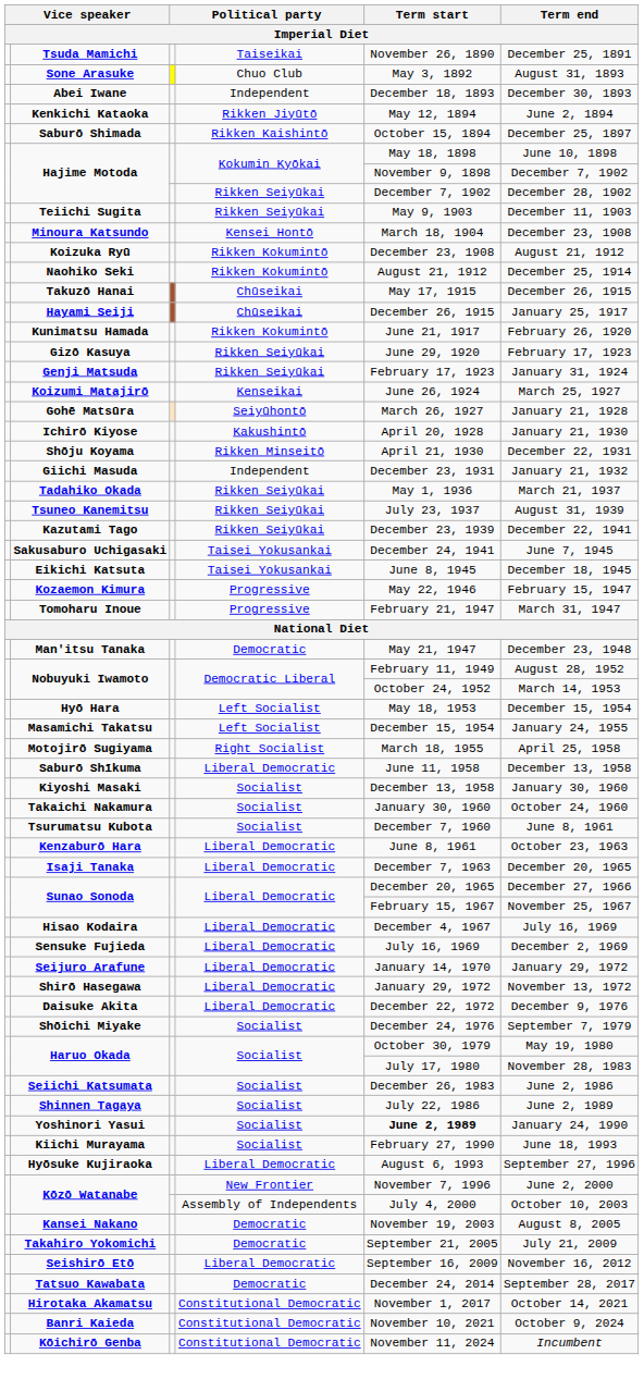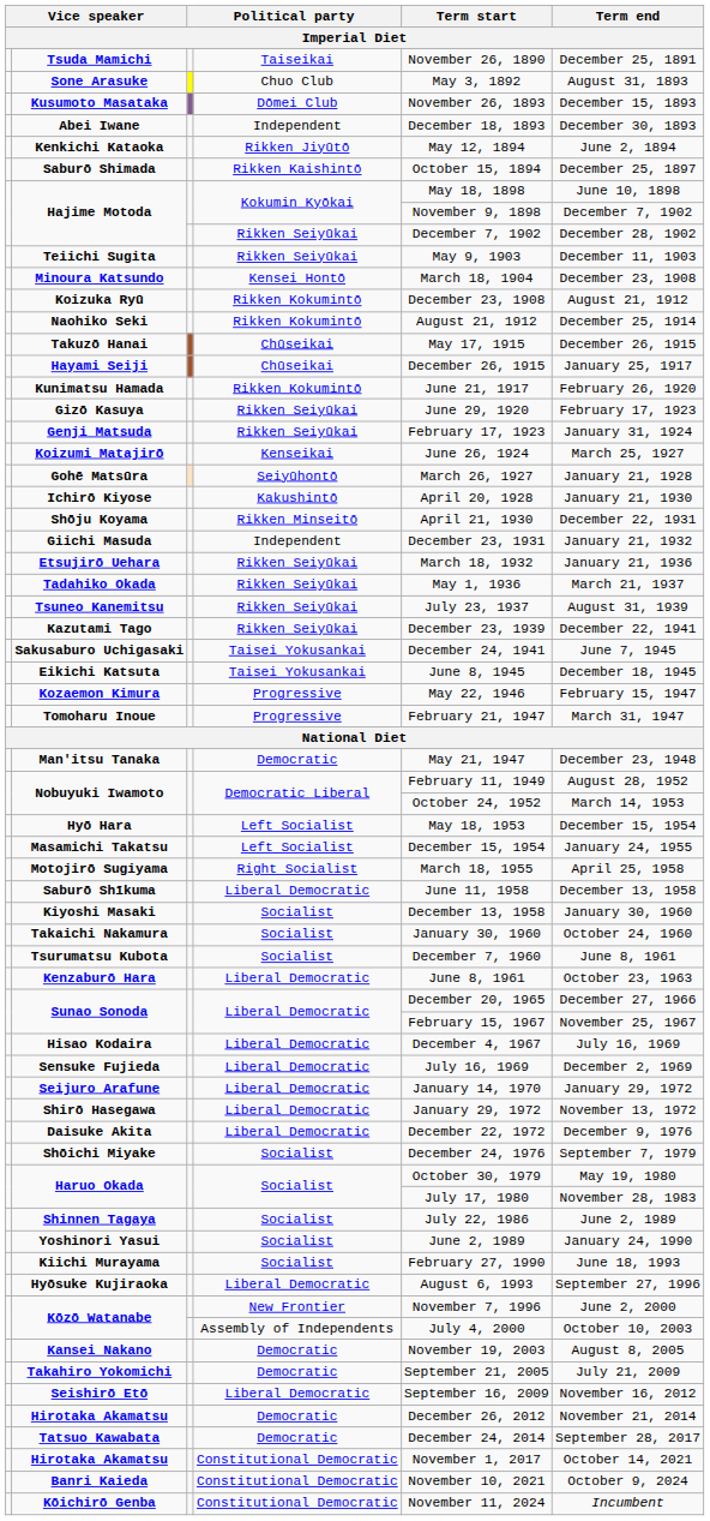 <table class="wikitable" style="text-align:center; border:1px #AAAAFF solid">
 <tr>
 <th colspan="2" align="center" width="0">Vice speaker</th>
 <th colspan="2" align="center" width="0">Political party</th>
 <th align="center" width="0">Term start</th>
 <th>Term end</th>
 </tr>
 <tr>
 <th colspan="6">Imperial Diet<br></th>
 </tr>
 <tr>
 <td></td>
 <td><strong><a href='#'>Tsuda Mamichi</a></strong><br></td>
 <td style="background:"></td>
 <td><a href='#'>Taiseikai</a></td>
 <td>November 26, 1890</td>
 <td>December 25, 1891</td>
 </tr>
 <tr>
 <td></td>
 <td><strong><a href='#'>Sone Arasuke</a></strong><br></td>
 <td style="background:#FFFF00;"></td>
 <td>Chuo Club</td>
 <td>May 3, 1892</td>
 <td>August 31, 1893</td>
+</tr>
+<tr>
+<td></td>
+<td><strong><a href='#'>Kusumoto Masataka</a></strong><br></td>
+<td style="background:#825C8C;"></td>
+<td><a href='#'>Dōmei Club</a></td>
+<td>November 26, 1893</td>
+<td>December 15, 1893</td>
 </tr>
 <tr>
 <td></td>
 <td><strong>Abei Iwane</strong><br></td>
 <td style="background:"></td>
 <td>Independent</td>
 <td>December 18, 1893</td>
 <td>December 30, 1893</td>
 </tr>
 <tr>
 <td></td>
 <td><strong>Kenkichi Kataoka</strong><br></td>
 <td style="background:"></td>
 <td><a href='#'>Rikken Jiyūtō</a></td>
 <td>May 12, 1894</td>
 <td>June 2, 1894</td>
 </tr>
 <tr>
 <td></td>
 <td><strong>Saburō Shimada</strong><br></td>
 <td style="background:"></td>
 <td><a href='#'>Rikken Kaishintō</a></td>
 <td>October 15, 1894</td>
 <td>December 25, 1897</td>
 </tr>
 <tr>
 <td rowspan="3"></td>
 <td rowspan="3"><strong>Hajime Motoda</strong><br></td>
 <td rowspan="2" style="background:"></td>
 <td rowspan="2"><a href='#'>Kokumin Kyōkai</a></td>
 <td>May 18, 1898</td>
 <td>June 10, 1898</td>
 </tr>
 <tr>
 <td>November 9, 1898</td>
 <td>December 7, 1902</td>
 </tr>
 <tr>
 <td style="background:"></td>
 <td><a href='#'>Rikken Seiyūkai</a></td>
 <td>December 7, 1902</td>
 <td>December 28, 1902</td>
 </tr>
 <tr>
 <td></td>
 <td><strong>Teiichi Sugita</strong><br></td>
 <td style="background:"></td>
 <td><a href='#'>Rikken Seiyūkai</a></td>
 <td>May 9, 1903</td>
 <td>December 11, 1903</td>
 </tr>
 <tr>
 <td></td>
 <td><strong><a href='#'>Minoura Katsundo</a></strong><br></td>
 <td style="background:"></td>
 <td><a href='#'>Kensei Hontō</a></td>
 <td>March 18, 1904</td>
 <td>December 23, 1908</td>
 </tr>
 <tr>
 <td></td>
 <td><strong>Koizuka Ryū</strong><br></td>
 <td style="background:"></td>
 <td><a href='#'>Rikken Kokumintō</a></td>
 <td>December 23, 1908</td>
 <td>August 21, 1912</td>
 </tr>
 <tr>
 <td></td>
 <td><strong>Naohiko Seki</strong><br></td>
 <td style="background:"></td>
 <td><a href='#'>Rikken Kokumintō</a></td>
 <td>August 21, 1912</td>
 <td>December 25, 1914</td>
 </tr>
 <tr>
 <td></td>
 <td><strong>Takuzō Hanai</strong><br></td>
 <td style="background:#A0522D;"></td>
 <td><a href='#'>Chūseikai</a></td>
 <td>May 17, 1915</td>
 <td>December 26, 1915</td>
 </tr>
 <tr>
 <td></td>
 <td><strong><a href='#'>Hayami Seiji</a></strong><br></td>
 <td style="background:#A0522D;"></td>
 <td><a href='#'>Chūseikai</a></td>
 <td>December 26, 1915</td>
 <td>January 25, 1917</td>
 </tr>
 <tr>
 <td></td>
 <td><strong>Kunimatsu Hamada</strong><br></td>
 <td style="background:"></td>
 <td><a href='#'>Rikken Kokumintō</a></td>
 <td>June 21, 1917</td>
 <td>February 26, 1920</td>
 </tr>
 <tr>
 <td></td>
 <td><strong>Gizō Kasuya</strong><br></td>
 <td style="background:"></td>
 <td><a href='#'>Rikken Seiyūkai</a></td>
 <td>June 29, 1920</td>
 <td>February 17, 1923</td>
 </tr>
 <tr>
 <td></td>
 <td><strong><a href='#'>Genji Matsuda</a></strong><br></td>
 <td style="background:"></td>
 <td><a href='#'>Rikken Seiyūkai</a></td>
 <td>February 17, 1923</td>
 <td>January 31, 1924</td>
 </tr>
 <tr>
 <td></td>
 <td><strong><a href='#'>Koizumi Matajirō</a></strong><br></td>
 <td style="background:"></td>
 <td><a href='#'>Kenseikai</a></td>
 <td>June 26, 1924</td>
 <td>March 25, 1927</td>
 </tr>
 <tr>
 <td></td>
 <td><strong>Gohē Matsūra</strong><br></td>
 <td style="background:#FFE4C4;"></td>
 <td><a href='#'>Seiyūhontō</a></td>
 <td>March 26, 1927</td>
 <td>January 21, 1928</td>
 </tr>
 <tr>
 <td></td>
 <td><strong>Ichirō Kiyose</strong><br></td>
 <td style="background:"></td>
 <td><a href='#'>Kakushintō</a></td>
 <td>April 20, 1928</td>
 <td>January 21, 1930</td>
 </tr>
 <tr>
 <td></td>
 <td><strong>Shōju Koyama</strong><br></td>
 <td style="background:"></td>
 <td><a href='#'>Rikken Minseitō</a></td>
 <td>April 21, 1930</td>
 <td>December 22, 1931</td>
 </tr>
 <tr>
 <td></td>
 <td><strong>Giichi Masuda</strong><br></td>
 <td style="background:"></td>
 <td>Independent</td>
 <td>December 23, 1931</td>
 <td>January 21, 1932</td>
 </tr>
 <tr>
 <td></td>
+<td><strong><a href='#'>Etsujirō Uehara</a></strong><br></td>
+<td style="background:"></td>
+<td><a href='#'>Rikken Seiyūkai</a></td>
+<td>March 18, 1932</td>
+<td>January 21, 1936</td>
+</tr>
+<tr>
+<td></td>
 <td><strong><a href='#'>Tadahiko Okada</a></strong><br></td>
 <td style="background:"></td>
 <td><a href='#'>Rikken Seiyūkai</a></td>
 <td>May 1, 1936</td>
 <td>March 21, 1937</td>
 </tr>
 <tr>
 <td></td>
 <td><strong><a href='#'>Tsuneo Kanemitsu</a></strong><br></td>
 <td style="background:"></td>
 <td><a href='#'>Rikken Seiyūkai</a></td>
 <td>July 23, 1937</td>
 <td>August 31, 1939</td>
 </tr>
 <tr>
 <td></td>
 <td><strong>Kazutami Tago</strong><br></td>
 <td style="background:"></td>
 <td><a href='#'>Rikken Seiyūkai</a></td>
 <td>December 23, 1939</td>
 <td>December 22, 1941</td>
 </tr>
 <tr>
 <td></td>
 <td><strong>Sakusaburo Uchigasaki</strong><br></td>
 <td style="background:"></td>
 <td><a href='#'>Taisei Yokusankai</a></td>
 <td>December 24, 1941</td>
 <td>June 7, 1945</td>
 </tr>
 <tr>
 <td></td>
 <td><strong>Eikichi Katsuta</strong><br></td>
 <td style="background:"></td>
 <td><a href='#'>Taisei Yokusankai</a></td>
 <td>June 8, 1945</td>
 <td>December 18, 1945</td>
 </tr>
 <tr>
 <td></td>
 <td><strong><a href='#'>Kozaemon Kimura</a></strong><br></td>
 <td style="background:"></td>
 <td><a href='#'>Progressive</a></td>
 <td>May 22, 1946</td>
 <td>February 15, 1947</td>
 </tr>
 <tr>
 <td></td>
 <td><strong>Tomoharu Inoue</strong><br></td>
 <td style="background:"></td>
 <td><a href='#'>Progressive</a></td>
 <td>February 21, 1947</td>
 <td>March 31, 1947</td>
 </tr>
 <tr>
 <th colspan="6">National Diet<br></th>
 </tr>
 <tr>
 <td></td>
 <td><strong>Man'itsu Tanaka</strong><br></td>
 <td style="background:"></td>
 <td><a href='#'>Democratic</a></td>
 <td>May 21, 1947</td>
 <td>December 23, 1948</td>
 </tr>
 <tr>
 <td rowspan="2"></td>
 <td rowspan="2"><strong>Nobuyuki Iwamoto</strong><br></td>
 <td rowspan="2" style="background:"></td>
 <td rowspan="2"><a href='#'>Democratic Liberal</a></td>
 <td>February 11, 1949</td>
 <td>August 28, 1952</td>
 </tr>
 <tr>
 <td>October 24, 1952</td>
 <td>March 14, 1953</td>
 </tr>
 <tr>
 <td></td>
 <td><strong>Hyō Hara</strong><br></td>
 <td style="background:"></td>
 <td><a href='#'>Left Socialist</a></td>
 <td>May 18, 1953</td>
 <td>December 15, 1954</td>
 </tr>
 <tr>
 <td></td>
 <td><strong>Masamichi Takatsu</strong><br></td>
 <td style="background:"></td>
 <td><a href='#'>Left Socialist</a></td>
 <td>December 15, 1954</td>
 <td>January 24, 1955</td>
 </tr>
 <tr>
 <td></td>
 <td><strong>Motojirō Sugiyama</strong><br></td>
 <td style="background:"></td>
 <td><a href='#'>Right Socialist</a></td>
 <td>March 18, 1955</td>
 <td>April 25, 1958</td>
 </tr>
 <tr>
 <td></td>
 <td><strong>Saburō Shīkuma</strong><br></td>
 <td style="background:"></td>
 <td><a href='#'>Liberal Democratic</a></td>
 <td>June 11, 1958</td>
 <td>December 13, 1958</td>
 </tr>
 <tr>
 <td></td>
 <td><strong>Kiyoshi Masaki</strong><br></td>
 <td style="background:"></td>
 <td><a href='#'>Socialist</a></td>
 <td>December 13, 1958</td>
 <td>January 30, 1960</td>
 </tr>
 <tr>
 <td></td>
 <td><strong>Takaichi Nakamura</strong><br></td>
 <td style="background:"></td>
 <td><a href='#'>Socialist</a></td>
 <td>January 30, 1960</td>
 <td>October 24, 1960</td>
 </tr>
 <tr>
 <td></td>
 <td><strong>Tsurumatsu Kubota</strong><br></td>
 <td style="background:"></td>
 <td><a href='#'>Socialist</a></td>
 <td>December 7, 1960</td>
 <td>June 8, 1961</td>
 </tr>
 <tr>
 <td></td>
 <td><strong><a href='#'>Kenzaburō Hara</a></strong><br></td>
 <td style="background:"></td>
 <td><a href='#'>Liberal Democratic</a></td>
 <td>June 8, 1961</td>
 <td>October 23, 1963</td>
 </tr>
 <tr>
-<td></td>
-<td><strong><a href='#'>Isaji Tanaka</a></strong><br></td>
-<td style="background:"></td>
-<td><a href='#'>Liberal Democratic</a></td>
-<td>December 7, 1963</td>
-<td>December 20, 1965</td>
-</tr>
-<tr>
 <td rowspan="2"></td>
 <td rowspan="2"><strong><a href='#'>Sunao Sonoda</a></strong><br></td>
 <td rowspan="2" style="background:"></td>
 <td rowspan="2"><a href='#'>Liberal Democratic</a></td>
 <td>December 20, 1965</td>
 <td>December 27, 1966</td>
 </tr>
 <tr>
 <td>February 15, 1967</td>
 <td>November 25, 1967</td>
 </tr>
 <tr>
 <td></td>
 <td><strong>Hisao Kodaira</strong><br></td>
 <td style="background:"></td>
 <td><a href='#'>Liberal Democratic</a></td>
 <td>December 4, 1967</td>
 <td>July 16, 1969</td>
 </tr>
 <tr>
 <td></td>
 <td><strong>Sensuke Fujieda</strong><br></td>
 <td style="background:"></td>
 <td><a href='#'>Liberal Democratic</a></td>
 <td>July 16, 1969</td>
 <td>December 2, 1969</td>
 </tr>
 <tr>
 <td></td>
 <td><strong><a href='#'>Seijuro Arafune</a></strong><br></td>
 <td style="background:"></td>
 <td><a href='#'>Liberal Democratic</a></td>
 <td>January 14, 1970</td>
 <td>January 29, 1972</td>
 </tr>
 <tr>
 <td></td>
 <td><strong>Shirō Hasegawa</strong><br></td>
 <td style="background:"></td>
 <td><a href='#'>Liberal Democratic</a></td>
 <td>January 29, 1972</td>
 <td>November 13, 1972</td>
 </tr>
 <tr>
 <td></td>
 <td><strong>Daisuke Akita</strong><br></td>
 <td style="background:"></td>
 <td><a href='#'>Liberal Democratic</a></td>
 <td>December 22, 1972</td>
 <td>December 9, 1976</td>
 </tr>
 <tr>
 <td></td>
 <td><strong>Shōichi Miyake</strong><br></td>
 <td style="background:"></td>
 <td><a href='#'>Socialist</a></td>
 <td>December 24, 1976</td>
 <td>September 7, 1979</td>
 </tr>
 <tr>
 <td rowspan="2"></td>
 <td rowspan="2"><strong><a href='#'>Haruo Okada</a></strong><br></td>
 <td rowspan="2" style="background:"></td>
 <td rowspan="2"><a href='#'>Socialist</a></td>
 <td>October 30, 1979</td>
 <td>May 19, 1980</td>
 </tr>
 <tr>
 <td>July 17, 1980</td>
 <td>November 28, 1983</td>
 </tr>
 <tr>
 <td></td>
-<td><strong><a href='#'>Seiichi Katsumata</a></strong><br></td>
-<td style="background:"></td>
-<td><a href='#'>Socialist</a></td>
-<td>December 26, 1983</td>
-<td>June 2, 1986</td>
-</tr>
-<tr>
-<td></td>
 <td><strong><a href='#'>Shinnen Tagaya</a></strong><br></td>
 <td style="background:"></td>
 <td><a href='#'>Socialist</a></td>
 <td>July 22, 1986</td>
 <td>June 2, 1989</td>
 </tr>
 <tr>
 <td></td>
 <td><strong>Yoshinori Yasui</strong><br></td>
 <td style="background:"></td>
 <td><a href='#'>Socialist</a></td>
-<td><strong>June 2, 1989</strong></td>
+<td>June 2, 1989</td>
 <td>January 24, 1990</td>
 </tr>
 <tr>
 <td></td>
 <td><strong>Kiichi Murayama</strong><br></td>
 <td style="background:"></td>
 <td><a href='#'>Socialist</a></td>
 <td>February 27, 1990</td>
 <td>June 18, 1993</td>
 </tr>
 <tr>
 <td></td>
 <td><strong>Hyōsuke Kujiraoka</strong> <br></td>
 <td style="background:"></td>
 <td><a href='#'>Liberal Democratic</a></td>
 <td>August 6, 1993</td>
 <td>September 27, 1996</td>
 </tr>
 <tr>
 <td rowspan="2"></td>
 <td rowspan="2"><a href='#'><strong>Kōzō Watanabe</strong></a><br></td>
 <td style="background:"></td>
 <td><a href='#'>New Frontier</a></td>
 <td>November 7, 1996</td>
 <td>June 2, 2000</td>
 </tr>
 <tr>
 <td style="background:"></td>
 <td>Assembly of Independents</td>
 <td>July 4, 2000</td>
 <td>October 10, 2003</td>
 </tr>
 <tr>
 <td></td>
 <td><strong><a href='#'>Kansei Nakano</a></strong><br></td>
 <td style="background:"></td>
 <td><a href='#'>Democratic</a></td>
 <td>November 19, 2003</td>
 <td>August 8, 2005</td>
 </tr>
 <tr>
 <td></td>
 <td><strong><a href='#'>Takahiro Yokomichi</a></strong><br></td>
 <td style="background:"></td>
 <td><a href='#'>Democratic</a></td>
 <td>September 21, 2005</td>
 <td>July 21, 2009</td>
 </tr>
 <tr>
 <td></td>
 <td><strong><a href='#'>Seishirō Etō</a></strong><br></td>
 <td style="background:"></td>
 <td><a href='#'>Liberal Democratic</a></td>
 <td>September 16, 2009</td>
 <td>November 16, 2012</td>
 </tr>
 <tr>
 <td></td>
+<td><strong><a href='#'>Hirotaka Akamatsu</a></strong><br></td>
+<td style="background:"></td>
+<td><a href='#'>Democratic</a></td>
+<td>December 26, 2012</td>
+<td>November 21, 2014</td>
+</tr>
+<tr>
+<td></td>
 <td><strong><a href='#'>Tatsuo Kawabata</a></strong><br></td>
 <td style="background:"></td>
 <td><a href='#'>Democratic</a></td>
 <td>December 24, 2014</td>
 <td>September 28, 2017</td>
 </tr>
 <tr>
 <td></td>
 <td><strong><a href='#'>Hirotaka Akamatsu</a></strong><br></td>
 <td style="background:"></td>
 <td><a href='#'>Constitutional Democratic</a></td>
 <td>November 1, 2017</td>
 <td>October 14, 2021</td>
 </tr>
 <tr>
 <td></td>
 <td><strong><a href='#'>Banri Kaieda</a></strong><br></td>
 <td style="background:"></td>
 <td><a href='#'>Constitutional Democratic</a></td>
 <td>November 10, 2021</td>
 <td>October 9, 2024</td>
 </tr>
 <tr>
 <td></td>
 <td><strong><a href='#'>Kōichirō Genba</a></strong><br></td>
 <td style="background:"></td>
 <td><a href='#'>Constitutional Democratic</a></td>
 <td>November 11, 2024</td>
 <td><em>Incumbent</em></td>
 </tr>
 </table>
